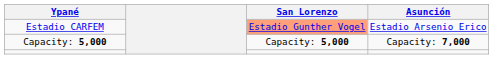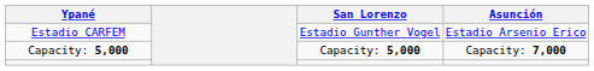 <table class="wikitable" style="text-align:center">
 <tr>
 <th width=25%><a href='#'>Ypané</a></th>
 <th width=25% rowspan="4"></th>
 <th width=25%><a href='#'>San Lorenzo</a></th>
 <th width=25%><a href='#'>Asunción</a></th>
 </tr>
 <tr>
 <td><a href='#'>Estadio CARFEM</a></td>
-<td style="background: lightsalmon;"><a href='#'>Estadio Gunther Vogel</a></td>
+<td><a href='#'>Estadio Gunther Vogel</a></td>
 <td><a href='#'>Estadio Arsenio Erico</a></td>
 </tr>
 <tr>
 <td>Capacity: <strong>5,000</strong></td>
 <td>Capacity: <strong>5,000</strong></td>
 <td>Capacity: <strong>7,000</strong></td>
 </tr>
 <tr>
 <td></td>
 <td></td>
 <td></td>
 </tr>
 </table>
